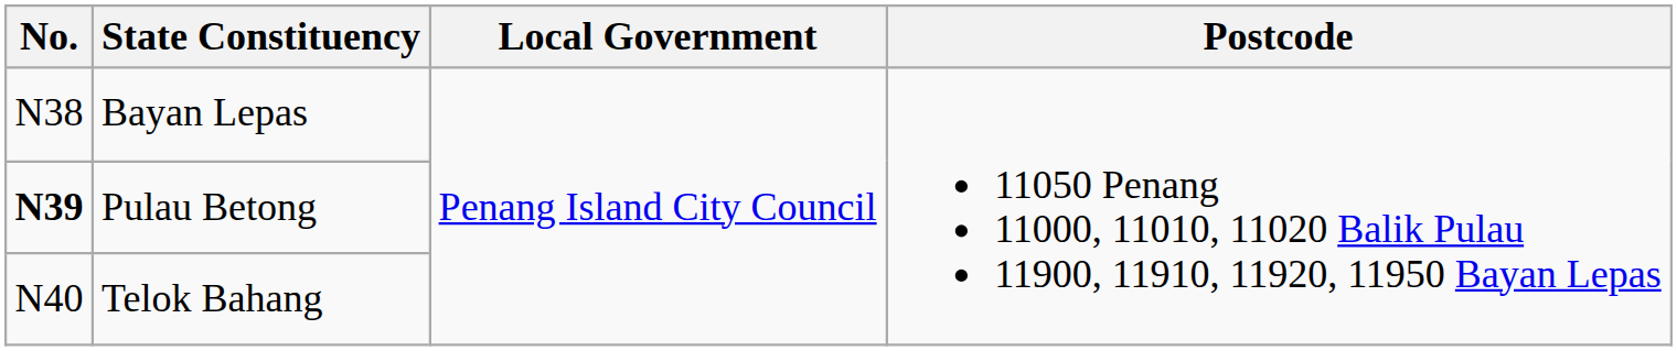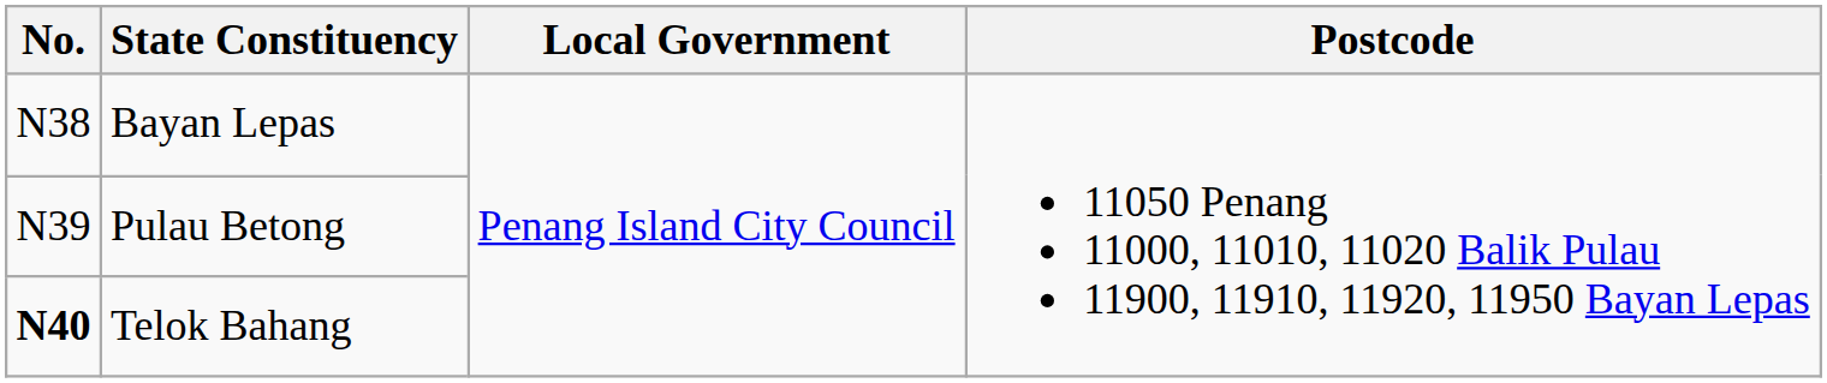 <table class="wikitable">
 <tr>
 <th>No.</th>
 <th>State Constituency</th>
 <th>Local Government</th>
 <th>Postcode</th>
 </tr>
 <tr>
 <td>N38</td>
 <td>Bayan Lepas</td>
 <td rowspan="3"><a href='#'>Penang Island City Council</a></td>
 <td rowspan="3"><br><ul><li>11050 Penang</li><li>11000, 11010, 11020 <a href='#'>Balik Pulau</a></li><li>11900, 11910, 11920, 11950 <a href='#'>Bayan Lepas</a></li></ul></td>
 </tr>
 <tr>
-<td><strong>N39</strong></td>
+<td>N39</td>
 <td>Pulau Betong</td>
 </tr>
 <tr>
-<td>N40</td>
+<td><strong>N40</strong></td>
 <td>Telok Bahang</td>
 </tr>
 </table>
